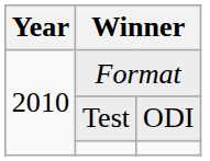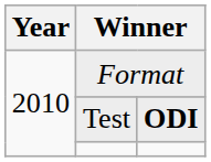 <table class="wikitable">
 <tr>
 <th>Year</th>
 <th colspan="2">Winner</th>
 </tr>
 <tr>
 <td rowspan="3">2010</td>
 <td colspan="2"  style="text-align:center; background:#ededed;"><em>Format</em></td>
 </tr>
 <tr style="text-align:center; background:#ededed;">
 <td>Test</td>
-<td>ODI</td>
+<td><strong>ODI</strong></td>
 </tr>
 <tr>
 <td></td>
 <td></td>
 </tr>
 </table>
